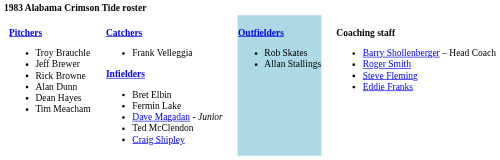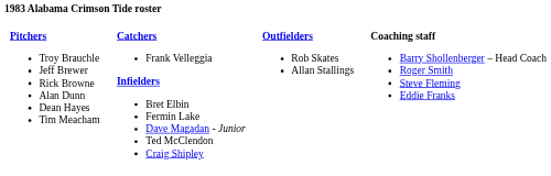 <table class="toccolours" style="text-align: left; font-size:90%;">
 <tr>
 <th colspan="9">1983 Alabama Crimson Tide roster</th>
 </tr>
 <tr>
 <td width="03"> </td>
 <td valign="top"><br><strong><a href='#'>Pitchers</a></strong><ul><li>Troy Brauchle</li><li>Jeff Brewer</li><li>Rick Browne</li><li>Alan Dunn</li><li>Dean Hayes</li><li>Tim Meacham</li></ul></td>
 <td width="15"> </td>
 <td valign="top"><br><strong><a href='#'>Catchers</a></strong><ul><li>Frank Velleggia</li></ul><strong><a href='#'>Infielders</a></strong><ul><li>Bret Elbin</li><li>Fermin Lake</li><li><a href='#'>Dave Magadan</a> - <em>Junior</em></li><li>Ted McClendon</li><li><a href='#'>Craig Shipley</a></li></ul></td>
 <td width="15"> </td>
-<td valign="top" style="background: lightblue;"><br><strong><a href='#'>Outfielders</a></strong><ul><li>Rob Skates</li><li>Allan Stallings</li></ul></td>
+<td valign="top"><br><strong><a href='#'>Outfielders</a></strong><ul><li>Rob Skates</li><li>Allan Stallings</li></ul></td>
 <td width="15"> </td>
 <td valign="top"><br><strong>Coaching staff</strong><ul><li><a href='#'>Barry Shollenberger</a> –  Head Coach</li><li><a href='#'>Roger Smith</a></li><li><a href='#'>Steve Fleming</a></li><li><a href='#'>Eddie Franks</a></li></ul></td>
 </tr>
 </table>
